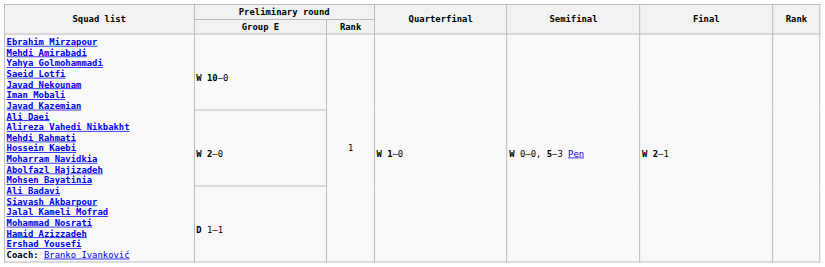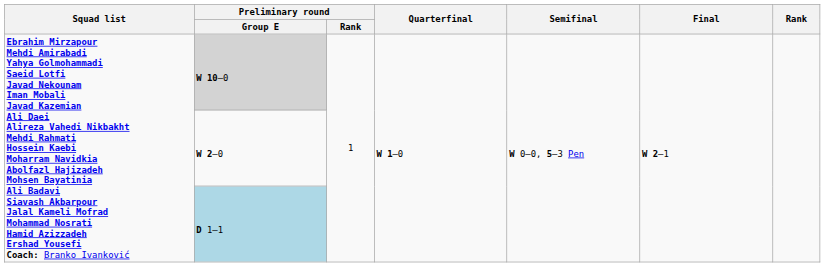 <table class="wikitable" width="85%" style="text-align:left; font-size:90%">
 <tr>
 <th rowspan="2" width="20%">Squad list</th>
 <th colspan="2">Preliminary round</th>
 <th rowspan="2" width="14%">Quarterfinal</th>
 <th rowspan="2" width="14%">Semifinal</th>
 <th rowspan="2" width="14%">Final</th>
 <th rowspan="2" width="5%">Rank</th>
 </tr>
 <tr>
 <th width="14%">Group E</th>
 <th width="5%">Rank</th>
 </tr>
 <tr>
 <td rowspan="3"><strong><a href='#'>Ebrahim Mirzapour</a><br><a href='#'>Mehdi Amirabadi</a><br><a href='#'>Yahya Golmohammadi</a><br><a href='#'>Saeid Lotfi</a><br><a href='#'>Javad Nekounam</a><br><a href='#'>Iman Mobali</a><br><a href='#'>Javad Kazemian</a><br><a href='#'>Ali Daei</a><br><a href='#'>Alireza Vahedi Nikbakht</a><br><a href='#'>Mehdi Rahmati</a><br><a href='#'>Hossein Kaebi</a><br><a href='#'>Moharram Navidkia</a><br><a href='#'>Abolfazl Hajizadeh</a><br><a href='#'>Mohsen Bayatinia</a><br><a href='#'>Ali Badavi</a><br><a href='#'>Siavash Akbarpour</a><br><a href='#'>Jalal Kameli Mofrad</a><br><a href='#'>Mohammad Nosrati</a><br><a href='#'>Hamid Azizzadeh</a><br><a href='#'>Ershad Yousefi</a><br>Coach:</strong>  <a href='#'>Branko Ivanković</a></td>
-<td><br><strong>W</strong> <strong>10</strong>–0</td>
+<td style="background: lightgrey;"><br><strong>W</strong> <strong>10</strong>–0</td>
 <td rowspan="3" align=center>1 <strong></strong></td>
 <td rowspan="3"><br><strong>W</strong> <strong>1</strong>–0</td>
 <td rowspan="3"><br><strong>W</strong> 0–0, <strong>5</strong>–3 <a href='#'>Pen</a></td>
 <td rowspan="3"><br><strong>W</strong> <strong>2</strong>–1</td>
 <td rowspan="3" align="center"></td>
 </tr>
 <tr>
 <td><br><strong>W</strong> <strong>2</strong>–0</td>
 </tr>
 <tr>
-<td><br><strong>D</strong> 1–1</td>
+<td style="background: lightblue;"><br><strong>D</strong> 1–1</td>
 </tr>
 </table>
